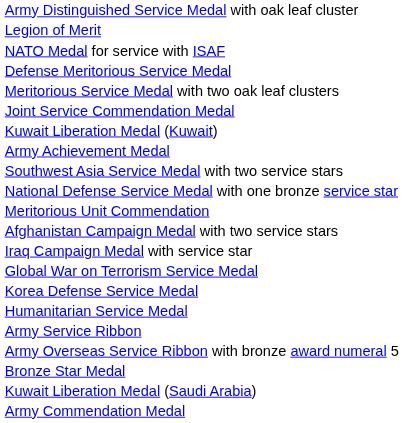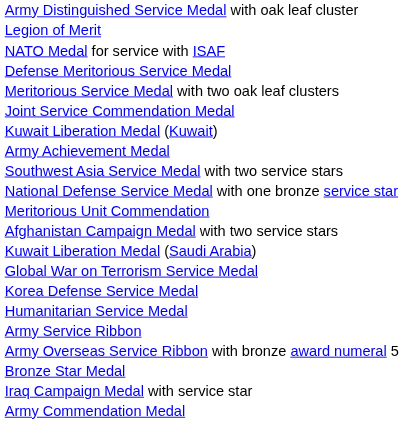 <table>
 <tr>
 <td> <a href='#'>Army Distinguished Service Medal</a> with oak leaf cluster</td>
 </tr>
 <tr>
 <td> <a href='#'>Legion of Merit</a></td>
 </tr>
 <tr>
 <td> <a href='#'>NATO Medal</a> for service with <a href='#'>ISAF</a></td>
 </tr>
 <tr>
 <td> <a href='#'>Defense Meritorious Service Medal</a></td>
 </tr>
 <tr>
 <td><span></span><span></span> <a href='#'>Meritorious Service Medal</a> with two oak leaf clusters</td>
 </tr>
 <tr>
 <td> <a href='#'>Joint Service Commendation Medal</a></td>
 </tr>
 <tr>
 <td> <a href='#'>Kuwait Liberation Medal</a> (<a href='#'>Kuwait</a>)</td>
 </tr>
 <tr>
 <td> <a href='#'>Army Achievement Medal</a></td>
 </tr>
 <tr>
 <td><span></span><span></span> <a href='#'>Southwest Asia Service Medal</a> with two service stars</td>
 </tr>
 <tr>
 <td> <a href='#'>National Defense Service Medal</a> with one bronze <a href='#'>service star</a></td>
 </tr>
 <tr>
 <td> <a href='#'>Meritorious Unit Commendation</a></td>
 </tr>
 <tr>
 <td><span></span><span></span> <a href='#'>Afghanistan Campaign Medal</a> with two service stars</td>
 </tr>
 <tr>
-<td> <a href='#'>Iraq Campaign Medal</a> with service star</td>
+<td> <a href='#'>Kuwait Liberation Medal</a> (<a href='#'>Saudi Arabia</a>)</td>
 </tr>
 <tr>
 <td> <a href='#'>Global War on Terrorism Service Medal</a></td>
 </tr>
 <tr>
 <td> <a href='#'>Korea Defense Service Medal</a></td>
 </tr>
 <tr>
 <td> <a href='#'>Humanitarian Service Medal</a></td>
 </tr>
 <tr>
 <td> <a href='#'>Army Service Ribbon</a></td>
 </tr>
 <tr>
 <td><span></span> <a href='#'>Army Overseas Service Ribbon</a> with bronze <a href='#'>award numeral</a> 5</td>
 </tr>
 <tr>
 <td> <a href='#'>Bronze Star Medal</a></td>
 </tr>
 <tr>
-<td> <a href='#'>Kuwait Liberation Medal</a> (<a href='#'>Saudi Arabia</a>)</td>
+<td> <a href='#'>Iraq Campaign Medal</a> with service star</td>
 </tr>
 <tr>
 <td> <a href='#'>Army Commendation Medal</a></td>
 </tr>
 </table>
